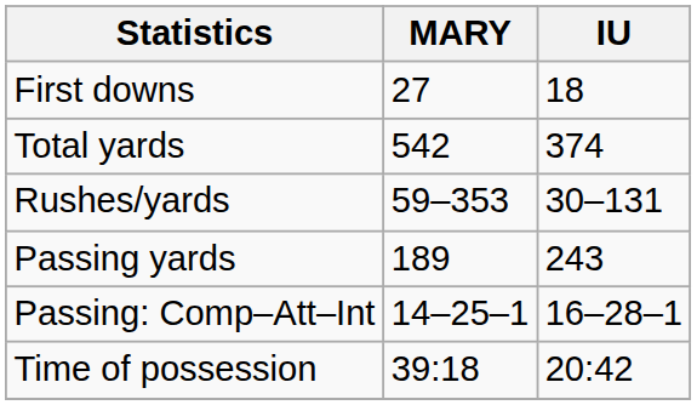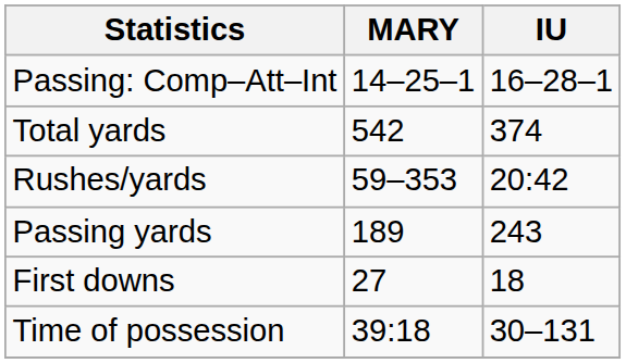 <table class="wikitable" style="float: left;">
 <tr>
 <th>Statistics</th>
 <th>MARY</th>
 <th>IU</th>
 </tr>
 <tr>
-<td>First downs</td>
-<td>27</td>
-<td>18</td>
+<td>Passing: Comp–Att–Int</td>
+<td>14–25–1</td>
+<td>16–28–1</td>
 </tr>
 <tr>
 <td>Total yards</td>
 <td>542</td>
 <td>374</td>
 </tr>
 <tr>
 <td>Rushes/yards</td>
 <td>59–353</td>
-<td>30–131</td>
+<td>20:42</td>
 </tr>
 <tr>
 <td>Passing yards</td>
 <td>189</td>
 <td>243</td>
 </tr>
 <tr>
-<td>Passing: Comp–Att–Int</td>
-<td>14–25–1</td>
-<td>16–28–1</td>
+<td>First downs</td>
+<td>27</td>
+<td>18</td>
 </tr>
 <tr>
 <td>Time of possession</td>
 <td>39:18</td>
-<td>20:42</td>
+<td>30–131</td>
 </tr>
 <tr>
 </tr>
 </table>
